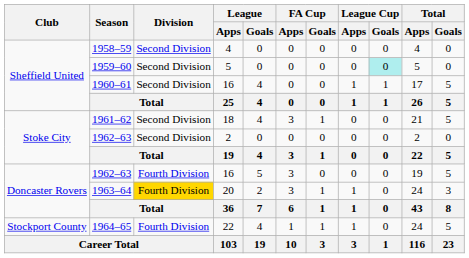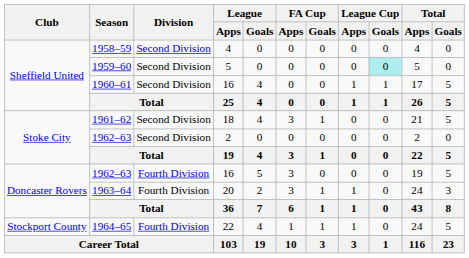 <table class="wikitable" style="text-align: center;">
 <tr>
 <th rowspan="2">Club</th>
 <th rowspan="2">Season</th>
 <th rowspan="2">Division</th>
 <th colspan="2">League</th>
 <th colspan="2">FA Cup</th>
 <th colspan="2">League Cup</th>
 <th colspan="2">Total</th>
 </tr>
 <tr>
 <th>Apps</th>
 <th>Goals</th>
 <th>Apps</th>
 <th>Goals</th>
 <th>Apps</th>
 <th>Goals</th>
 <th>Apps</th>
 <th>Goals</th>
 </tr>
 <tr>
 <td rowspan="4"><a href='#'>Sheffield United</a></td>
 <td><a href='#'>1958–59</a></td>
 <td><a href='#'>Second Division</a></td>
 <td>4</td>
 <td>0</td>
 <td>0</td>
 <td>0</td>
 <td>0</td>
 <td>0</td>
 <td>4</td>
 <td>0</td>
 </tr>
 <tr>
 <td><a href='#'>1959–60</a></td>
 <td>Second Division</td>
 <td>5</td>
 <td>0</td>
 <td>0</td>
 <td>0</td>
 <td>0</td>
 <td style="background: paleturquoise;">0</td>
 <td>5</td>
 <td>0</td>
 </tr>
 <tr>
 <td><a href='#'>1960–61</a></td>
 <td>Second Division</td>
 <td>16</td>
 <td>4</td>
 <td>0</td>
 <td>0</td>
 <td>1</td>
 <td>1</td>
 <td>17</td>
 <td>5</td>
 </tr>
 <tr>
 <th colspan="2">Total</th>
 <th>25</th>
 <th>4</th>
 <th>0</th>
 <th>0</th>
 <th>1</th>
 <th>1</th>
 <th>26</th>
 <th>5</th>
 </tr>
 <tr>
 <td rowspan="3"><a href='#'>Stoke City</a></td>
 <td><a href='#'>1961–62</a></td>
 <td>Second Division</td>
 <td>18</td>
 <td>4</td>
 <td>3</td>
 <td>1</td>
 <td>0</td>
 <td>0</td>
 <td>21</td>
 <td>5</td>
 </tr>
 <tr>
 <td><a href='#'>1962–63</a></td>
 <td>Second Division</td>
 <td>2</td>
 <td>0</td>
 <td>0</td>
 <td>0</td>
 <td>0</td>
 <td>0</td>
 <td>2</td>
 <td>0</td>
 </tr>
 <tr>
 <th colspan="2">Total</th>
 <th>19</th>
 <th>4</th>
 <th>3</th>
 <th>1</th>
 <th>0</th>
 <th>0</th>
 <th>22</th>
 <th>5</th>
 </tr>
 <tr>
 <td rowspan="3"><a href='#'>Doncaster Rovers</a></td>
 <td><a href='#'>1962–63</a></td>
 <td><a href='#'>Fourth Division</a></td>
 <td>16</td>
 <td>5</td>
 <td>3</td>
 <td>0</td>
 <td>0</td>
 <td>0</td>
 <td>19</td>
 <td>5</td>
 </tr>
 <tr>
 <td><a href='#'>1963–64</a></td>
-<td style="background: gold;">Fourth Division</td>
+<td>Fourth Division</td>
 <td>20</td>
 <td>2</td>
 <td>3</td>
 <td>1</td>
 <td>1</td>
 <td>0</td>
 <td>24</td>
 <td>3</td>
 </tr>
 <tr>
 <th colspan="2">Total</th>
 <th>36</th>
 <th>7</th>
 <th>6</th>
 <th>1</th>
 <th>1</th>
 <th>0</th>
 <th>43</th>
 <th>8</th>
 </tr>
 <tr>
 <td><a href='#'>Stockport County</a></td>
 <td><a href='#'>1964–65</a></td>
 <td><a href='#'>Fourth Division</a></td>
 <td>22</td>
 <td>4</td>
 <td>1</td>
 <td>1</td>
 <td>1</td>
 <td>0</td>
 <td>24</td>
 <td>5</td>
 </tr>
 <tr>
 <th colspan="3">Career Total</th>
 <th>103</th>
 <th>19</th>
 <th>10</th>
 <th>3</th>
 <th>3</th>
 <th>1</th>
 <th>116</th>
 <th>23</th>
 </tr>
 </table>
